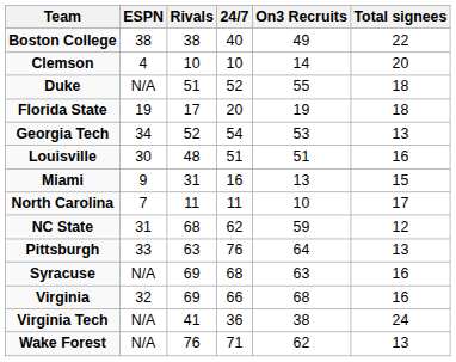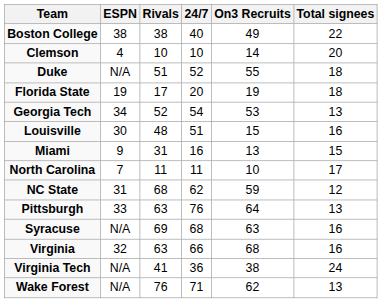 <table class="wikitable sortable" style="text-align:center">
 <tr>
 <th>Team</th>
 <th>ESPN</th>
 <th>Rivals</th>
 <th>24/7</th>
 <th>On3 Recruits</th>
 <th>Total signees</th>
 </tr>
 <tr>
 <td><strong>Boston College</strong></td>
 <td style="text-align:center; background:white">38</td>
 <td style="text-align:center; background:white">38</td>
 <td style="text-align:center; background:white">40</td>
 <td style="text-align:center; background:white">49</td>
 <td style="text-align:center; background:white">22</td>
 </tr>
 <tr>
 <td><strong>Clemson</strong></td>
 <td style="text-align:center; background:white">4</td>
 <td style="text-align:center; background:white">10</td>
 <td style="text-align:center; background:white">10</td>
 <td style="text-align:center; background:white">14</td>
 <td style="text-align:center; background:white">20</td>
 </tr>
 <tr>
 <td><strong>Duke</strong></td>
 <td style="text-align:center; background:white">N/A</td>
 <td style="text-align:center; background:white">51</td>
 <td style="text-align:center; background:white">52</td>
 <td style="text-align:center; background:white">55</td>
 <td style="text-align:center; background:white">18</td>
 </tr>
 <tr>
 <td><strong>Florida State</strong></td>
 <td style="text-align:center; background:white">19</td>
 <td style="text-align:center; background:white">17</td>
 <td style="text-align:center; background:white">20</td>
 <td style="text-align:center; background:white">19</td>
 <td style="text-align:center; background:white">18</td>
 </tr>
 <tr>
 <td><strong>Georgia Tech</strong></td>
 <td style="text-align:center; background:white">34</td>
 <td style="text-align:center; background:white">52</td>
 <td style="text-align:center; background:white">54</td>
 <td style="text-align:center; background:white">53</td>
 <td style="text-align:center; background:white">13</td>
 </tr>
 <tr>
 <td><strong>Louisville</strong></td>
 <td style="text-align:center; background:white">30</td>
 <td style="text-align:center; background:white">48</td>
 <td style="text-align:center; background:white">51</td>
-<td style="text-align:center; background:white">51</td>
+<td style="text-align:center; background:white">15</td>
 <td style="text-align:center; background:white">16</td>
 </tr>
 <tr>
 <td><strong>Miami</strong></td>
 <td style="text-align:center; background:white">9</td>
 <td style="text-align:center; background:white">31</td>
 <td style="text-align:center; background:white">16</td>
 <td style="text-align:center; background:white">13</td>
 <td style="text-align:center; background:white">15</td>
 </tr>
 <tr>
 <td><strong>North Carolina</strong></td>
 <td style="text-align:center; background:white">7</td>
 <td style="text-align:center; background:white">11</td>
 <td style="text-align:center; background:white">11</td>
 <td style="text-align:center; background:white">10</td>
 <td style="text-align:center; background:white">17</td>
 </tr>
 <tr>
 <td><strong>NC State</strong></td>
 <td style="text-align:center; background:white">31</td>
 <td style="text-align:center; background:white">68</td>
 <td style="text-align:center; background:white">62</td>
 <td style="text-align:center; background:white">59</td>
 <td style="text-align:center; background:white">12</td>
 </tr>
 <tr>
 <td><strong>Pittsburgh</strong></td>
 <td style="text-align:center; background:white">33</td>
 <td style="text-align:center; background:white">63</td>
 <td style="text-align:center; background:white">76</td>
 <td style="text-align:center; background:white">64</td>
 <td style="text-align:center; background:white">13</td>
 </tr>
 <tr>
 <td><strong>Syracuse</strong></td>
 <td style="text-align:center; background:white">N/A</td>
 <td style="text-align:center; background:white">69</td>
 <td style="text-align:center; background:white">68</td>
 <td style="text-align:center; background:white">63</td>
 <td style="text-align:center; background:white">16</td>
 </tr>
 <tr>
 <td><strong>Virginia</strong></td>
 <td style="text-align:center; background:white">32</td>
-<td style="text-align:center; background:white">69</td>
+<td style="text-align:center; background:white">63</td>
 <td style="text-align:center; background:white">66</td>
 <td style="text-align:center; background:white">68</td>
 <td style="text-align:center; background:white">16</td>
 </tr>
 <tr>
 <td><strong>Virginia Tech</strong></td>
 <td style="text-align:center; background:white">N/A</td>
 <td style="text-align:center; background:white">41</td>
 <td style="text-align:center; background:white">36</td>
 <td style="text-align:center; background:white">38</td>
 <td style="text-align:center; background:white">24</td>
 </tr>
 <tr>
 <td><strong>Wake Forest</strong></td>
 <td style="text-align:center; background:white">N/A</td>
 <td style="text-align:center; background:white">76</td>
 <td style="text-align:center; background:white">71</td>
 <td style="text-align:center; background:white">62</td>
 <td style="text-align:center; background:white">13</td>
 </tr>
 </table>
